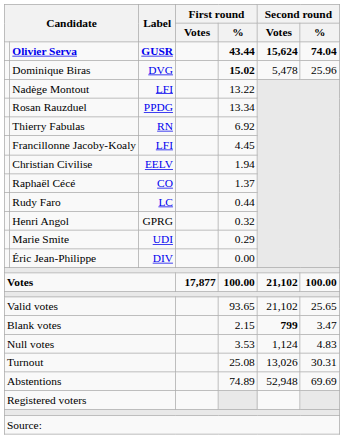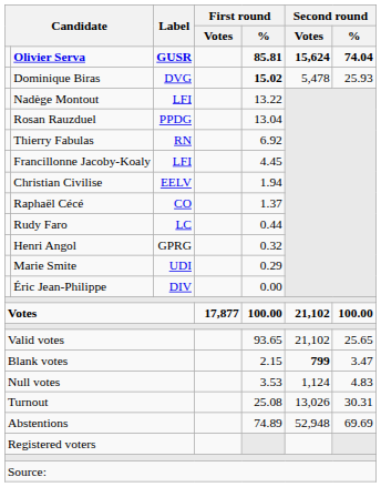 <table class="wikitable" style="text-align:right;font-size:95%;">
 <tr>
 <th rowspan="2" colspan="2">Candidate</th>
 <th rowspan="2">Label</th>
 <th colspan="2">First round</th>
 <th colspan="2">Second round</th>
 </tr>
 <tr>
 <th style="width:50px;">Votes</th>
 <th style="width:45px;">%</th>
 <th style="width:50px;">Votes</th>
 <th style="width:45px;">%</th>
 </tr>
 <tr>
 <td style="color:inherit;background:"></td>
 <td style="text-align:left;"><strong><a href='#'>Olivier Serva</a></strong></td>
 <td><a href='#'><strong>GUSR</strong></a></td>
 <td><strong></strong></td>
-<td><strong>43.44</strong></td>
+<td><strong>85.81</strong></td>
 <td><strong>15,624</strong></td>
 <td><strong>74.04</strong></td>
 </tr>
 <tr>
 <td style="color:inherit;background:"></td>
 <td style="text-align:left;">Dominique Biras</td>
 <td><a href='#'>DVG</a></td>
 <td><strong></strong></td>
 <td><strong>15.02</strong></td>
 <td>5,478</td>
-<td>25.96</td>
+<td>25.93</td>
 </tr>
 <tr>
 <td style="color:inherit;background:"></td>
 <td style="text-align:left;">Nadège Montout</td>
 <td><a href='#'>LFI</a></td>
 <td></td>
 <td>13.22</td>
 <td colspan="2" rowspan="10" style="background:#E9E9E9;"></td>
 </tr>
 <tr>
 <td style="color:inherit;background:"></td>
 <td style="text-align:left;">Rosan Rauzduel</td>
 <td><a href='#'>PPDG</a></td>
 <td></td>
-<td>13.34</td>
+<td>13.04</td>
 </tr>
 <tr>
 <td style="color:inherit;background:"></td>
 <td style="text-align:left;">Thierry Fabulas</td>
 <td><a href='#'>RN</a></td>
 <td></td>
 <td>6.92</td>
 </tr>
 <tr>
 <td style="color:inherit;background:"></td>
 <td style="text-align:left;">Francillonne Jacoby-Koaly</td>
 <td><a href='#'>LFI</a></td>
 <td></td>
 <td>4.45</td>
 </tr>
 <tr>
 <td style="color:inherit;background:"></td>
 <td style="text-align:left;">Christian Civilise</td>
 <td><a href='#'>EELV</a></td>
 <td></td>
 <td>1.94</td>
 </tr>
 <tr>
 <td style="color:inherit;background:"></td>
 <td style="text-align:left;">Raphaël Cécé</td>
 <td><a href='#'>CO</a></td>
 <td></td>
 <td>1.37</td>
 </tr>
 <tr>
 <td style="color:inherit;background:"></td>
 <td style="text-align:left;">Rudy Faro</td>
 <td><a href='#'>LC</a></td>
 <td></td>
 <td>0.44</td>
 </tr>
 <tr>
 <td style="color:inherit;background:"></td>
 <td style="text-align:left;">Henri Angol</td>
 <td>GPRG</td>
 <td></td>
 <td>0.32</td>
 </tr>
 <tr>
 <td style="color:inherit;background:"></td>
 <td style="text-align:left;">Marie Smite</td>
 <td><a href='#'>UDI</a></td>
 <td></td>
 <td>0.29</td>
 </tr>
 <tr>
 <td style="color:inherit;background:"></td>
 <td style="text-align:left;">Éric Jean-Philippe</td>
 <td><a href='#'>DIV</a></td>
 <td></td>
 <td>0.00</td>
 </tr>
 <tr>
 <td colspan="7" style="background:#E9E9E9;"></td>
 </tr>
 <tr style="font-weight:bold;">
 <td colspan="3" style="text-align:left;">Votes</td>
 <td>17,877</td>
 <td>100.00</td>
 <td>21,102</td>
 <td>100.00</td>
 </tr>
 <tr>
 <td colspan="7" style="background:#E9E9E9;"></td>
 </tr>
 <tr>
 <td colspan="3" style="text-align:left;">Valid votes</td>
 <td></td>
 <td>93.65</td>
 <td>21,102</td>
 <td>25.65</td>
 </tr>
 <tr>
 <td colspan="3" style="text-align:left;">Blank votes</td>
 <td></td>
 <td>2.15</td>
 <td><strong>799</strong></td>
 <td>3.47</td>
 </tr>
 <tr>
 <td colspan="3" style="text-align:left;">Null votes</td>
 <td></td>
 <td>3.53</td>
 <td>1,124</td>
 <td>4.83</td>
 </tr>
 <tr>
 <td colspan="3" style="text-align:left;">Turnout</td>
 <td></td>
 <td>25.08</td>
 <td>13,026</td>
 <td>30.31</td>
 </tr>
 <tr>
 <td colspan="3" style="text-align:left;">Abstentions</td>
 <td></td>
 <td>74.89</td>
 <td>52,948</td>
 <td>69.69</td>
 </tr>
 <tr>
 <td colspan="3" style="text-align:left;">Registered voters</td>
 <td></td>
 <td style="background:#E9E9E9;"></td>
 <td></td>
 <td style="background:#E9E9E9;"></td>
 </tr>
 <tr>
 <td colspan="7" style="background:#E9E9E9;"></td>
 </tr>
 <tr>
 <td colspan="7" style="text-align:left;">Source: </td>
 </tr>
 </table>
